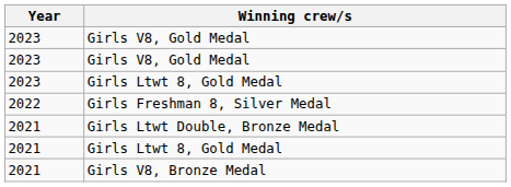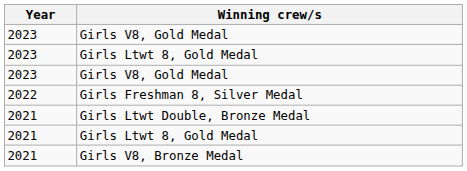 <table class="wikitable">
 <tr>
 <th width=70>Year</th>
 <th width=400>Winning crew/s</th>
 </tr>
 <tr>
 <td>2023</td>
 <td>Girls V8, Gold Medal</td>
 </tr>
 <tr>
 <td>2023</td>
-<td>Girls V8, Gold Medal</td>
+<td>Girls Ltwt 8, Gold Medal</td>
 </tr>
 <tr>
 <td>2023</td>
-<td>Girls Ltwt 8, Gold Medal</td>
+<td>Girls V8, Gold Medal</td>
 </tr>
 <tr>
 <td>2022</td>
 <td>Girls Freshman 8, Silver Medal</td>
 </tr>
 <tr>
 <td>2021</td>
 <td>Girls Ltwt Double, Bronze Medal</td>
 </tr>
 <tr>
 <td>2021</td>
 <td>Girls Ltwt 8, Gold Medal</td>
 </tr>
 <tr>
 <td>2021</td>
 <td>Girls V8, Bronze Medal</td>
 </tr>
 </table>
